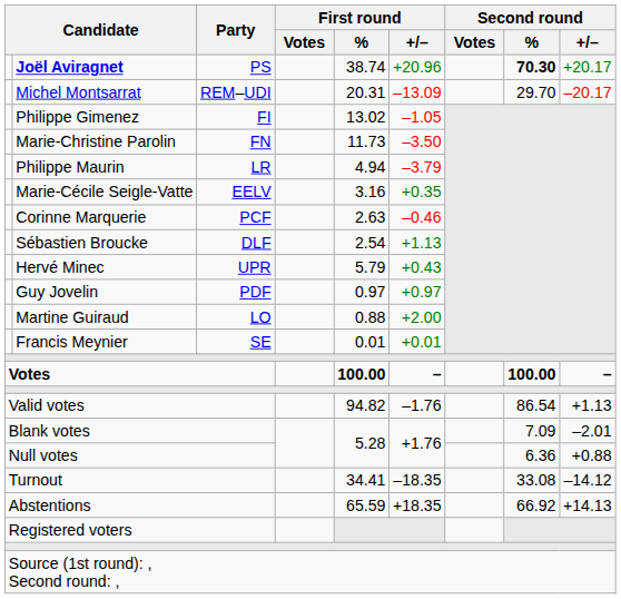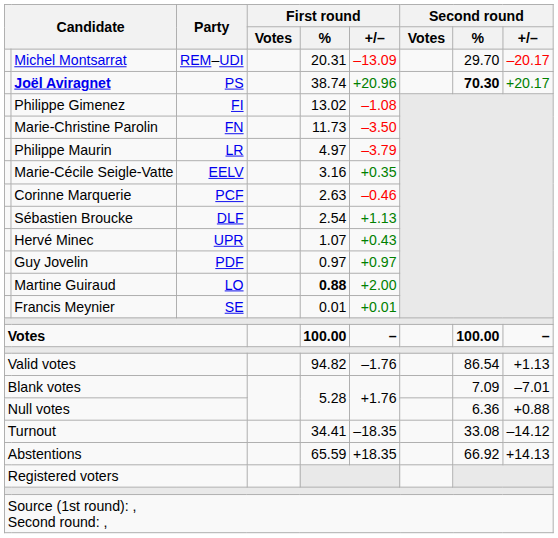 <table class="wikitable" style="text-align:right;font-size:95%;">
 <tr>
 <th rowspan="2" colspan="2">Candidate</th>
 <th rowspan="2">Party</th>
 <th colspan="3">First round</th>
 <th colspan="3">Second round</th>
 </tr>
 <tr>
 <th style="width:50px;">Votes</th>
 <th style="width:45px;">%</th>
 <th style="width:45px;">+/–</th>
 <th style="width:50px;">Votes</th>
 <th style="width:45px;">%</th>
 <th style="width:45px;">+/–</th>
 </tr>
 <tr>
 <td style="background:"></td>
+<td style="text-align:left;"><a href='#'>Michel Montsarrat</a></td>
+<td><a href='#'>REM</a>–<a href='#'>UDI</a></td>
+<td></td>
+<td>20.31</td>
+<td style="color:red;">–13.09</td>
+<td></td>
+<td>29.70</td>
+<td style="color:red;">–20.17</td>
+</tr>
+<tr>
+<td style="background:"></td>
 <td style="text-align:left;"><strong><a href='#'>Joël Aviragnet</a></strong></td>
 <td><a href='#'>PS</a></td>
 <td></td>
 <td>38.74</td>
 <td style="color:green;">+20.96</td>
 <td><strong></strong></td>
 <td><strong>70.30</strong></td>
 <td style="color:green;">+20.17</td>
 </tr>
 <tr>
 <td style="background:"></td>
-<td style="text-align:left;"><a href='#'>Michel Montsarrat</a></td>
-<td><a href='#'>REM</a>–<a href='#'>UDI</a></td>
-<td></td>
-<td>20.31</td>
-<td style="color:red;">–13.09</td>
-<td></td>
-<td>29.70</td>
-<td style="color:red;">–20.17</td>
-</tr>
-<tr>
-<td style="background:"></td>
 <td style="text-align:left;">Philippe Gimenez</td>
 <td><a href='#'>FI</a></td>
 <td></td>
 <td>13.02</td>
-<td style="color:red;">–1.05</td>
+<td style="color:red;">–1.08</td>
 <td colspan="3" rowspan="10" style="background:#E9E9E9;"></td>
 </tr>
 <tr>
 <td style="background:"></td>
 <td style="text-align:left;">Marie-Christine Parolin</td>
 <td><a href='#'>FN</a></td>
 <td></td>
 <td>11.73</td>
 <td style="color:red;">–3.50</td>
 </tr>
 <tr>
 <td style="background:"></td>
 <td style="text-align:left;">Philippe Maurin</td>
 <td><a href='#'>LR</a></td>
 <td></td>
-<td>4.94</td>
+<td>4.97</td>
 <td style="color:red;">–3.79</td>
 </tr>
 <tr>
 <td style="background:"></td>
 <td style="text-align:left;">Marie-Cécile Seigle-Vatte</td>
 <td><a href='#'>EELV</a></td>
 <td></td>
 <td>3.16</td>
 <td style="color:green;">+0.35</td>
 </tr>
 <tr>
 <td style="background:"></td>
 <td style="text-align:left;">Corinne Marquerie</td>
 <td><a href='#'>PCF</a></td>
 <td></td>
 <td>2.63</td>
 <td style="color:red;">–0.46</td>
 </tr>
 <tr>
 <td style="background:"></td>
 <td style="text-align:left;">Sébastien Broucke</td>
 <td><a href='#'>DLF</a></td>
 <td></td>
 <td>2.54</td>
 <td style="color:green;">+1.13</td>
 </tr>
 <tr>
 <td style="background:"></td>
 <td style="text-align:left;">Hervé Minec</td>
 <td><a href='#'>UPR</a></td>
 <td></td>
-<td>5.79</td>
+<td>1.07</td>
 <td style="color:green;">+0.43</td>
 </tr>
 <tr>
 <td style="background:"></td>
 <td style="text-align:left;">Guy Jovelin</td>
 <td><a href='#'>PDF</a></td>
 <td></td>
 <td>0.97</td>
 <td style="color:green;">+0.97</td>
 </tr>
 <tr>
 <td style="background:"></td>
 <td style="text-align:left;">Martine Guiraud</td>
 <td><a href='#'>LO</a></td>
 <td></td>
-<td>0.88</td>
+<td><strong>0.88</strong></td>
 <td style="color:green;">+2.00</td>
 </tr>
 <tr>
 <td style="background:"></td>
 <td style="text-align:left;">Francis Meynier</td>
 <td><a href='#'>SE</a></td>
 <td></td>
 <td>0.01</td>
 <td style="color:green;">+0.01</td>
 </tr>
 <tr>
 <td colspan="9" style="background:#E9E9E9;"></td>
 </tr>
 <tr style="font-weight:bold;">
 <td colspan="3" style="text-align:left;">Votes</td>
 <td></td>
 <td>100.00</td>
 <td>–</td>
 <td></td>
 <td>100.00</td>
 <td>–</td>
 </tr>
 <tr>
 <td colspan="9" style="background:#E9E9E9;"></td>
 </tr>
 <tr>
 <td colspan="3" style="text-align:left;">Valid votes</td>
 <td></td>
 <td>94.82</td>
 <td>–1.76</td>
 <td></td>
 <td>86.54</td>
 <td>+1.13</td>
 </tr>
 <tr>
 <td colspan="3" style="text-align:left;">Blank votes</td>
 <td rowspan="2"></td>
 <td rowspan="2">5.28</td>
 <td rowspan="2">+1.76</td>
 <td></td>
 <td>7.09</td>
-<td>–2.01</td>
+<td>–7.01</td>
 </tr>
 <tr>
 <td colspan="3" style="text-align:left;">Null votes</td>
 <td></td>
 <td>6.36</td>
 <td>+0.88</td>
 </tr>
 <tr>
 <td colspan="3" style="text-align:left;">Turnout</td>
 <td></td>
 <td>34.41</td>
 <td>–18.35</td>
 <td></td>
 <td>33.08</td>
 <td>–14.12</td>
 </tr>
 <tr>
 <td colspan="3" style="text-align:left;">Abstentions</td>
 <td></td>
 <td>65.59</td>
 <td>+18.35</td>
 <td></td>
 <td>66.92</td>
 <td>+14.13</td>
 </tr>
 <tr>
 <td colspan="3" style="text-align:left;">Registered voters</td>
 <td></td>
 <td colspan="2" style="background:#E9E9E9;"></td>
 <td></td>
 <td colspan="2" style="background:#E9E9E9;"></td>
 </tr>
 <tr>
 <td colspan="9" style="background:#E9E9E9;"></td>
 </tr>
 <tr>
 <td colspan="9" style="text-align:left;">Source (1st round): , <br>Second round: , </td>
 </tr>
 </table>
